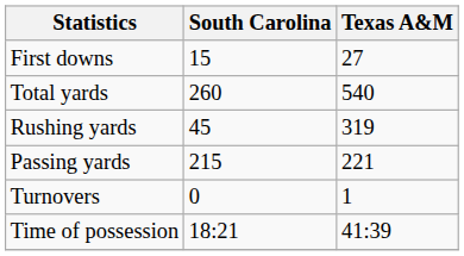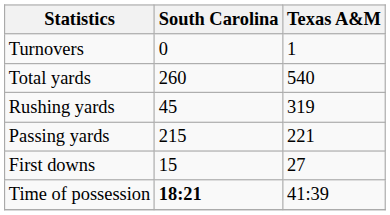 <table class="wikitable" style="float: left;">
 <tr>
 <th>Statistics</th>
 <th>South Carolina</th>
 <th>Texas A&M</th>
 </tr>
 <tr>
-<td>First downs</td>
-<td>15</td>
-<td>27</td>
+<td>Turnovers</td>
+<td>0</td>
+<td>1</td>
 </tr>
 <tr>
 <td>Total yards</td>
 <td>260</td>
 <td>540</td>
 </tr>
 <tr>
 <td>Rushing yards</td>
 <td>45</td>
 <td>319</td>
 </tr>
 <tr>
 <td>Passing yards</td>
 <td>215</td>
 <td>221</td>
 </tr>
 <tr>
-<td>Turnovers</td>
-<td>0</td>
-<td>1</td>
+<td>First downs</td>
+<td>15</td>
+<td>27</td>
 </tr>
 <tr>
 <td>Time of possession</td>
-<td>18:21</td>
+<td><strong>18:21</strong></td>
 <td>41:39</td>
 </tr>
 <tr>
 </tr>
 </table>
